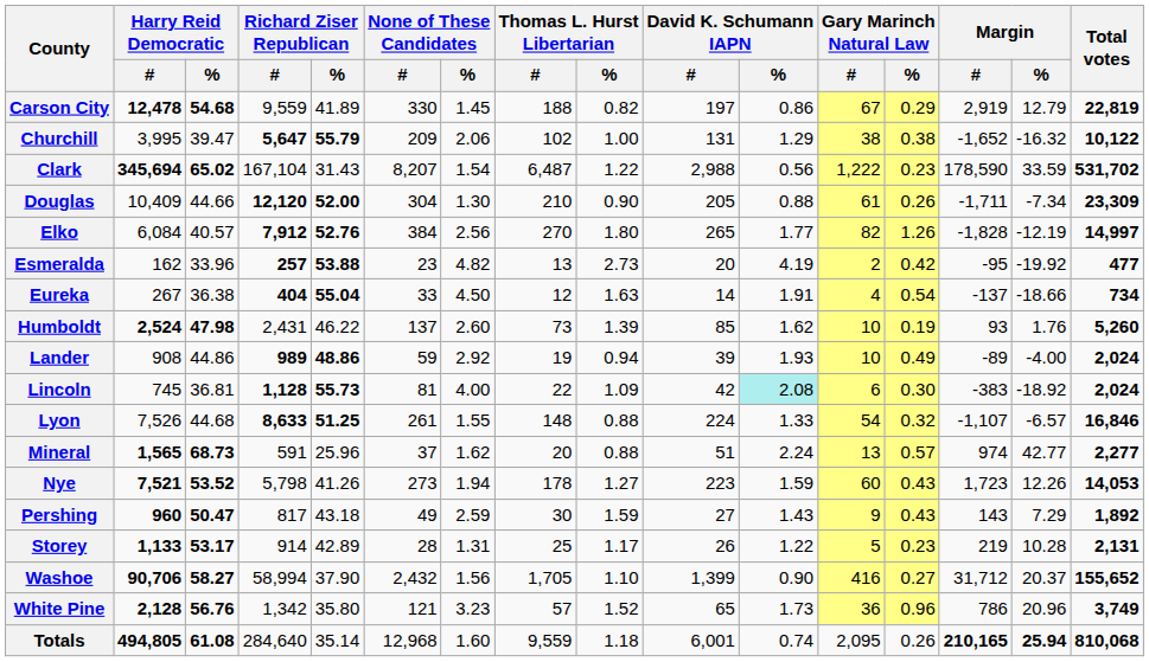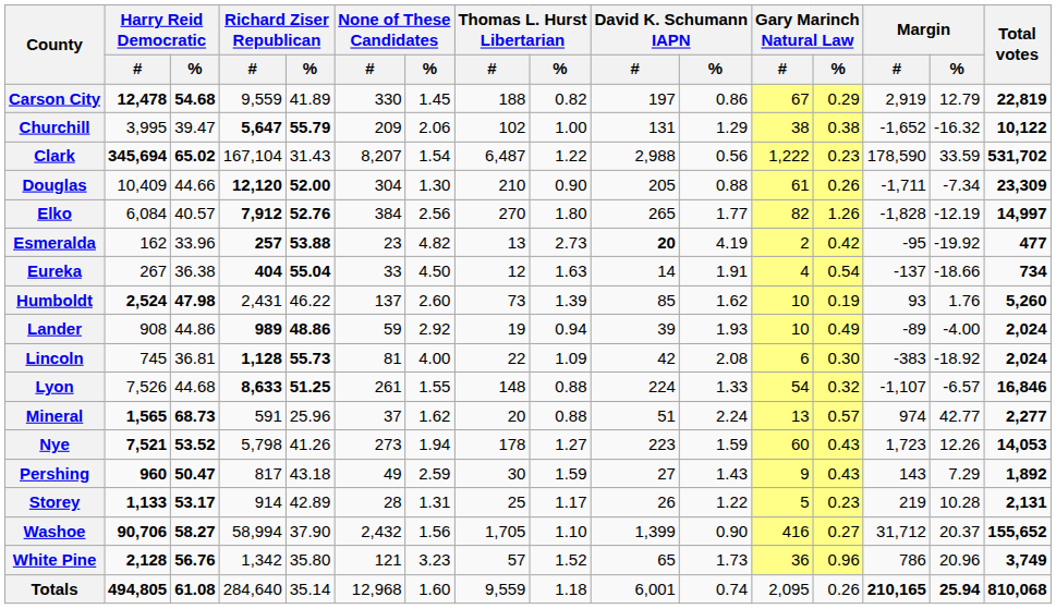 <table class="wikitable sortable" style="text-align:right;font-size:90%;line-height:1.3">
 <tr>
 <th rowspan=2>County</th>
 <th colspan=2><a href='#'>Harry Reid</a><br><a href='#'>Democratic</a></th>
 <th colspan=2><a href='#'>Richard Ziser</a><br><a href='#'>Republican</a></th>
 <th colspan=2><a href='#'>None of These<br>Candidates</a></th>
 <th colspan=2>Thomas L. Hurst<br><a href='#'>Libertarian</a></th>
 <th colspan=2>David K. Schumann<br><a href='#'>IAPN</a></th>
 <th colspan=2>Gary Marinch<br><a href='#'>Natural Law</a></th>
 <th colspan=2>Margin</th>
 <th rowspan=2>Total<br>votes</th>
 </tr>
 <tr>
 <th data-sort-type="number">#</th>
 <th data-sort-type="number">%</th>
 <th data-sort-type="number">#</th>
 <th data-sort-type="number">%</th>
 <th data-sort-type="number">#</th>
 <th data-sort-type="number">%</th>
 <th data-sort-type="number">#</th>
 <th data-sort-type="number">%</th>
 <th data-sort-type="number">#</th>
 <th data-sort-type="number">%</th>
 <th data-sort-type="number">#</th>
 <th data-sort-type="number">%</th>
 <th data-sort-type="number">#</th>
 <th data-sort-type="number">%</th>
 </tr>
 <tr>
 <th><a href='#'>Carson City</a></th>
 <td><strong>12,478</strong></td>
 <td><strong>54.68</strong></td>
 <td>9,559</td>
 <td>41.89</td>
 <td>330</td>
 <td>1.45</td>
 <td>188</td>
 <td>0.82</td>
 <td>197</td>
 <td>0.86</td>
 <td style=background:#FFFF88>67</td>
 <td style=background:#FFFF88>0.29</td>
 <td>2,919</td>
 <td>12.79</td>
 <td><strong>22,819</strong></td>
 </tr>
 <tr>
 <th><a href='#'>Churchill</a></th>
 <td>3,995</td>
 <td>39.47</td>
 <td><strong>5,647</strong></td>
 <td><strong>55.79</strong></td>
 <td>209</td>
 <td>2.06</td>
 <td>102</td>
 <td>1.00</td>
 <td>131</td>
 <td>1.29</td>
 <td style=background:#FFFF88>38</td>
 <td style=background:#FFFF88>0.38</td>
 <td>-1,652</td>
 <td>-16.32</td>
 <td><strong>10,122</strong></td>
 </tr>
 <tr>
 <th><a href='#'>Clark</a></th>
 <td><strong>345,694</strong></td>
 <td><strong>65.02</strong></td>
 <td>167,104</td>
 <td>31.43</td>
 <td>8,207</td>
 <td>1.54</td>
 <td>6,487</td>
 <td>1.22</td>
 <td>2,988</td>
 <td>0.56</td>
 <td style=background:#FFFF88>1,222</td>
 <td style=background:#FFFF88>0.23</td>
 <td>178,590</td>
 <td>33.59</td>
 <td><strong>531,702</strong></td>
 </tr>
 <tr>
 <th><a href='#'>Douglas</a></th>
 <td>10,409</td>
 <td>44.66</td>
 <td><strong>12,120</strong></td>
 <td><strong>52.00</strong></td>
 <td>304</td>
 <td>1.30</td>
 <td>210</td>
 <td>0.90</td>
 <td>205</td>
 <td>0.88</td>
 <td style=background:#FFFF88>61</td>
 <td style=background:#FFFF88>0.26</td>
 <td>-1,711</td>
 <td>-7.34</td>
 <td><strong>23,309</strong></td>
 </tr>
 <tr>
 <th><a href='#'>Elko</a></th>
 <td>6,084</td>
 <td>40.57</td>
 <td><strong>7,912</strong></td>
 <td><strong>52.76</strong></td>
 <td>384</td>
 <td>2.56</td>
 <td>270</td>
 <td>1.80</td>
 <td>265</td>
 <td>1.77</td>
 <td style=background:#FFFF88>82</td>
 <td style=background:#FFFF88>1.26</td>
 <td>-1,828</td>
 <td>-12.19</td>
 <td><strong>14,997</strong></td>
 </tr>
 <tr>
 <th><a href='#'>Esmeralda</a></th>
 <td>162</td>
 <td>33.96</td>
 <td><strong>257</strong></td>
 <td><strong>53.88</strong></td>
 <td>23</td>
 <td>4.82</td>
 <td>13</td>
 <td>2.73</td>
-<td>20</td>
+<td><strong>20</strong></td>
 <td>4.19</td>
 <td style=background:#FFFF88>2</td>
 <td style=background:#FFFF88>0.42</td>
 <td>-95</td>
 <td>-19.92</td>
 <td><strong>477</strong></td>
 </tr>
 <tr>
 <th><a href='#'>Eureka</a></th>
 <td>267</td>
 <td>36.38</td>
 <td><strong>404</strong></td>
 <td><strong>55.04</strong></td>
 <td>33</td>
 <td>4.50</td>
 <td>12</td>
 <td>1.63</td>
 <td>14</td>
 <td>1.91</td>
 <td style=background:#FFFF88>4</td>
 <td style=background:#FFFF88>0.54</td>
 <td>-137</td>
 <td>-18.66</td>
 <td><strong>734</strong></td>
 </tr>
 <tr>
 <th><a href='#'>Humboldt</a></th>
 <td><strong>2,524</strong></td>
 <td><strong>47.98</strong></td>
 <td>2,431</td>
 <td>46.22</td>
 <td>137</td>
 <td>2.60</td>
 <td>73</td>
 <td>1.39</td>
 <td>85</td>
 <td>1.62</td>
 <td style=background:#FFFF88>10</td>
 <td style=background:#FFFF88>0.19</td>
 <td>93</td>
 <td>1.76</td>
 <td><strong>5,260</strong></td>
 </tr>
 <tr>
 <th><a href='#'>Lander</a></th>
 <td>908</td>
 <td>44.86</td>
 <td><strong>989</strong></td>
 <td><strong>48.86</strong></td>
 <td>59</td>
 <td>2.92</td>
 <td>19</td>
 <td>0.94</td>
 <td>39</td>
 <td>1.93</td>
 <td style=background:#FFFF88>10</td>
 <td style=background:#FFFF88>0.49</td>
 <td>-89</td>
 <td>-4.00</td>
 <td><strong>2,024</strong></td>
 </tr>
 <tr>
 <th><a href='#'>Lincoln</a></th>
 <td>745</td>
 <td>36.81</td>
 <td><strong>1,128</strong></td>
 <td><strong>55.73</strong></td>
 <td>81</td>
 <td>4.00</td>
 <td>22</td>
 <td>1.09</td>
 <td>42</td>
-<td style="background: paleturquoise;">2.08</td>
+<td>2.08</td>
 <td style=background:#FFFF88>6</td>
 <td style=background:#FFFF88>0.30</td>
 <td>-383</td>
 <td>-18.92</td>
 <td><strong>2,024</strong></td>
 </tr>
 <tr>
 <th><a href='#'>Lyon</a></th>
 <td>7,526</td>
 <td>44.68</td>
 <td><strong>8,633</strong></td>
 <td><strong>51.25</strong></td>
 <td>261</td>
 <td>1.55</td>
 <td>148</td>
 <td>0.88</td>
 <td>224</td>
 <td>1.33</td>
 <td style=background:#FFFF88>54</td>
 <td style=background:#FFFF88>0.32</td>
 <td>-1,107</td>
 <td>-6.57</td>
 <td><strong>16,846</strong></td>
 </tr>
 <tr>
 <th><a href='#'>Mineral</a></th>
 <td><strong>1,565</strong></td>
 <td><strong>68.73</strong></td>
 <td>591</td>
 <td>25.96</td>
 <td>37</td>
 <td>1.62</td>
 <td>20</td>
 <td>0.88</td>
 <td>51</td>
 <td>2.24</td>
 <td style=background:#FFFF88>13</td>
 <td style=background:#FFFF88>0.57</td>
 <td>974</td>
 <td>42.77</td>
 <td><strong>2,277</strong></td>
 </tr>
 <tr>
 <th><a href='#'>Nye</a></th>
 <td><strong>7,521</strong></td>
 <td><strong>53.52</strong></td>
 <td>5,798</td>
 <td>41.26</td>
 <td>273</td>
 <td>1.94</td>
 <td>178</td>
 <td>1.27</td>
 <td>223</td>
 <td>1.59</td>
 <td style=background:#FFFF88>60</td>
 <td style=background:#FFFF88>0.43</td>
 <td>1,723</td>
 <td>12.26</td>
 <td><strong>14,053</strong></td>
 </tr>
 <tr>
 <th><a href='#'>Pershing</a></th>
 <td><strong>960</strong></td>
 <td><strong>50.47</strong></td>
 <td>817</td>
 <td>43.18</td>
 <td>49</td>
 <td>2.59</td>
 <td>30</td>
 <td>1.59</td>
 <td>27</td>
 <td>1.43</td>
 <td style=background:#FFFF88>9</td>
 <td style=background:#FFFF88>0.43</td>
 <td>143</td>
 <td>7.29</td>
 <td><strong>1,892</strong></td>
 </tr>
 <tr>
 <th><a href='#'>Storey</a></th>
 <td><strong>1,133</strong></td>
 <td><strong>53.17</strong></td>
 <td>914</td>
 <td>42.89</td>
 <td>28</td>
 <td>1.31</td>
 <td>25</td>
 <td>1.17</td>
 <td>26</td>
 <td>1.22</td>
 <td style=background:#FFFF88>5</td>
 <td style=background:#FFFF88>0.23</td>
 <td>219</td>
 <td>10.28</td>
 <td><strong>2,131</strong></td>
 </tr>
 <tr>
 <th><a href='#'>Washoe</a></th>
 <td><strong>90,706</strong></td>
 <td><strong>58.27</strong></td>
 <td>58,994</td>
 <td>37.90</td>
 <td>2,432</td>
 <td>1.56</td>
 <td>1,705</td>
 <td>1.10</td>
 <td>1,399</td>
 <td>0.90</td>
 <td style=background:#FFFF88>416</td>
 <td style=background:#FFFF88>0.27</td>
 <td>31,712</td>
 <td>20.37</td>
 <td><strong>155,652</strong></td>
 </tr>
 <tr>
 <th><a href='#'>White Pine</a></th>
 <td><strong>2,128</strong></td>
 <td><strong>56.76</strong></td>
 <td>1,342</td>
 <td>35.80</td>
 <td>121</td>
 <td>3.23</td>
 <td>57</td>
 <td>1.52</td>
 <td>65</td>
 <td>1.73</td>
 <td style=background:#FFFF88>36</td>
 <td style=background:#FFFF88>0.96</td>
 <td>786</td>
 <td>20.96</td>
 <td><strong>3,749</strong></td>
 </tr>
 <tr class="sortbottom">
 <th>Totals</th>
 <td><strong>494,805</strong></td>
 <td><strong>61.08</strong></td>
 <td>284,640</td>
 <td>35.14</td>
 <td>12,968</td>
 <td>1.60</td>
 <td>9,559</td>
 <td>1.18</td>
 <td>6,001</td>
 <td>0.74</td>
 <td>2,095</td>
 <td>0.26</td>
 <td><strong>210,165</strong></td>
 <td><strong>25.94</strong></td>
 <td><strong>810,068</strong></td>
 </tr>
 </table>
